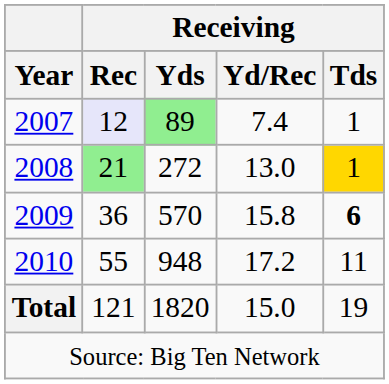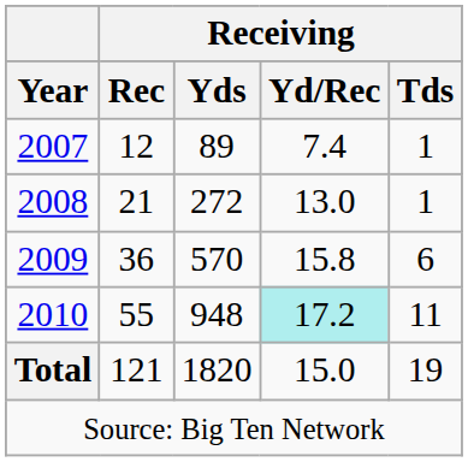 <table class="wikitable" style="text-align: center;">
 <tr>
 <th></th>
 <th colspan=7>Receiving</th>
 </tr>
 <tr>
 <th>Year</th>
 <th>Rec</th>
 <th>Yds</th>
 <th>Yd/Rec</th>
 <th>Tds</th>
 </tr>
 <tr>
 <td><a href='#'>2007</a></td>
-<td style="background: lavender;">12</td>
-<td style="background: lightgreen;">89</td>
+<td>12</td>
+<td>89</td>
 <td>7.4</td>
 <td>1</td>
 </tr>
 <tr>
 <td><a href='#'>2008</a></td>
-<td style="background: lightgreen;">21</td>
+<td>21</td>
 <td>272</td>
 <td>13.0</td>
-<td style="background: gold;">1</td>
+<td>1</td>
 </tr>
 <tr>
 <td><a href='#'>2009</a></td>
 <td>36</td>
 <td>570</td>
 <td>15.8</td>
-<td><strong>6</strong></td>
+<td>6</td>
 </tr>
 <tr>
 <td><a href='#'>2010</a></td>
 <td>55</td>
 <td>948</td>
-<td>17.2</td>
+<td style="background: paleturquoise;">17.2</td>
 <td>11</td>
 </tr>
 <tr>
 <th>Total</th>
 <td>121</td>
 <td>1820</td>
 <td>15.0</td>
 <td>19</td>
 </tr>
 <tr>
 <td colspan=9><small>Source: Big Ten Network</small></td>
 </tr>
 </table>
